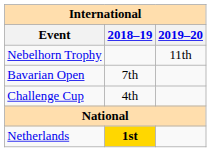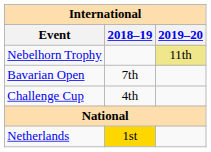 <table class="wikitable" style="text-align:center">
 <tr>
 <th colspan=3 align=center style="background-color: #ffdead; ">International</th>
 </tr>
 <tr>
 <th>Event</th>
 <th><a href='#'>2018–19</a></th>
 <th><a href='#'>2019–20</a></th>
 </tr>
 <tr>
 <td align=left> <a href='#'>Nebelhorn Trophy</a></td>
 <td></td>
-<td>11th</td>
+<td style="background: khaki;">11th</td>
 </tr>
 <tr>
 <td align=left><a href='#'>Bavarian Open</a></td>
 <td>7th</td>
 <td></td>
 </tr>
 <tr>
 <td align=left><a href='#'>Challenge Cup</a></td>
 <td>4th</td>
 <td></td>
 </tr>
 <tr>
 <th colspan=3 align=center style="background-color: #ffdead; ">National</th>
 </tr>
 <tr>
 <td align=left><a href='#'>Netherlands</a></td>
-<td bgcolor=gold><strong>1st</strong></td>
+<td bgcolor=gold>1st</td>
 <td></td>
 </tr>
 </table>
